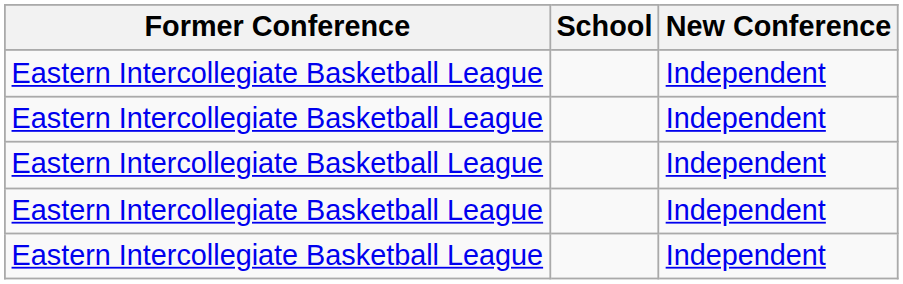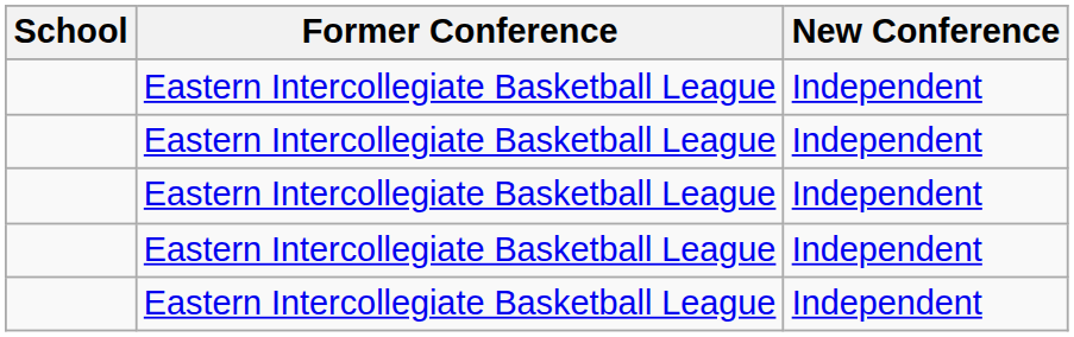 <table class="wikitable sortable">
 <tr>
+<th>School</th>
 <th>Former Conference</th>
-<th>School</th>
 <th>New Conference</th>
 </tr>
 <tr>
+<td></td>
 <td><a href='#'>Eastern Intercollegiate Basketball League</a></td>
-<td></td>
 <td><a href='#'>Independent</a></td>
 </tr>
 <tr>
+<td></td>
 <td><a href='#'>Eastern Intercollegiate Basketball League</a></td>
-<td></td>
 <td><a href='#'>Independent</a></td>
 </tr>
 <tr>
+<td></td>
 <td><a href='#'>Eastern Intercollegiate Basketball League</a></td>
-<td></td>
 <td><a href='#'>Independent</a></td>
 </tr>
 <tr>
+<td></td>
 <td><a href='#'>Eastern Intercollegiate Basketball League</a></td>
-<td></td>
 <td><a href='#'>Independent</a></td>
 </tr>
 <tr>
+<td></td>
 <td><a href='#'>Eastern Intercollegiate Basketball League</a></td>
-<td></td>
 <td><a href='#'>Independent</a></td>
 </tr>
 </table>
